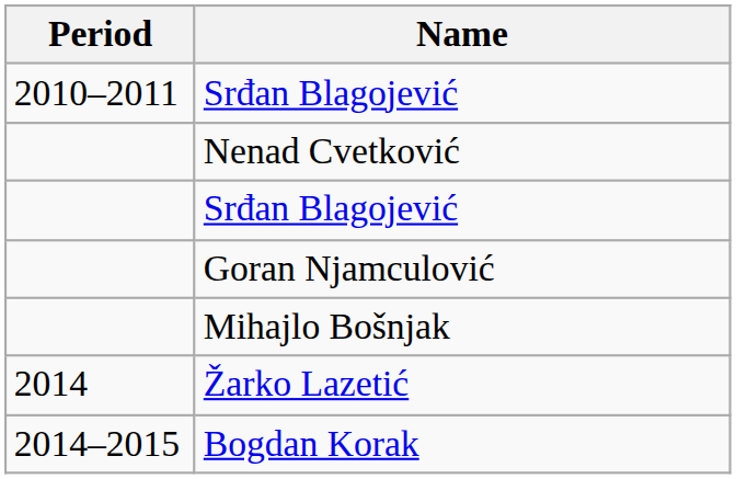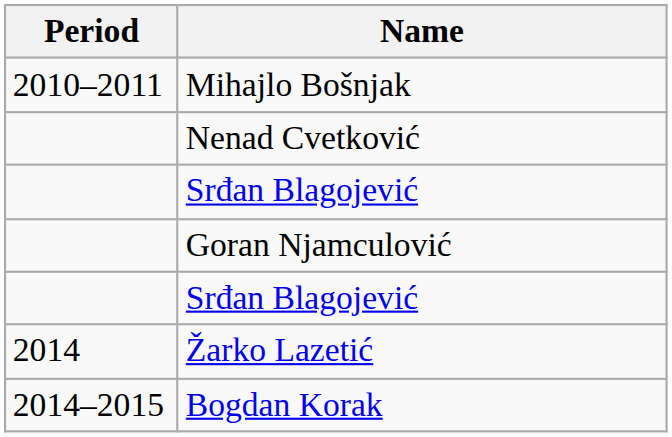 <table class="wikitable">
 <tr>
 <th width="75">Period</th>
 <th width="225">Name</th>
 </tr>
 <tr>
 <td>2010–2011</td>
-<td> <a href='#'>Srđan Blagojević</a></td>
+<td> Mihajlo Bošnjak</td>
 </tr>
 <tr>
 <td></td>
 <td> Nenad Cvetković</td>
 </tr>
 <tr>
 <td></td>
 <td> <a href='#'>Srđan Blagojević</a></td>
 </tr>
 <tr>
 <td></td>
 <td> Goran Njamculović</td>
 </tr>
 <tr>
 <td></td>
-<td> Mihajlo Bošnjak</td>
+<td> <a href='#'>Srđan Blagojević</a></td>
 </tr>
 <tr>
 <td>2014</td>
 <td> <a href='#'>Žarko Lazetić</a></td>
 </tr>
 <tr>
 <td>2014–2015</td>
 <td> <a href='#'>Bogdan Korak</a></td>
 </tr>
 </table>
